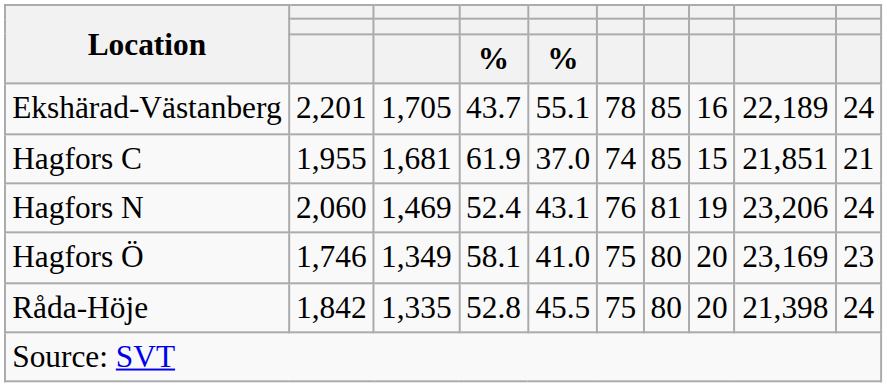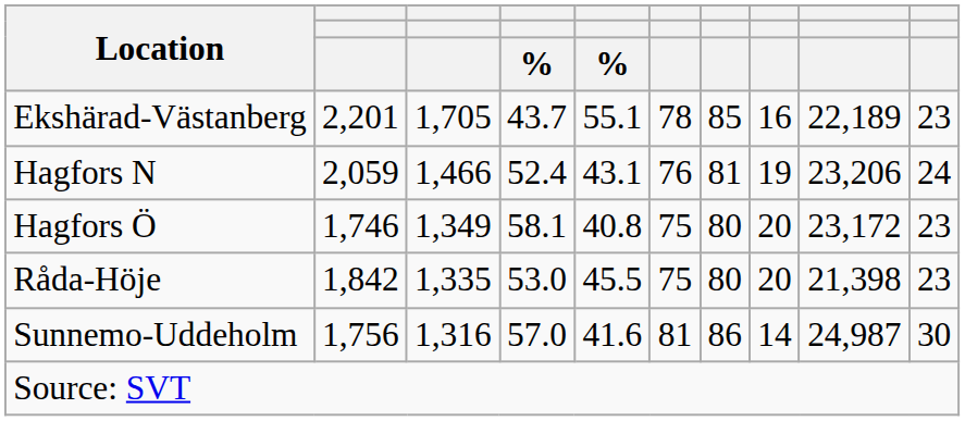 <table role="presentation" class="wikitable sortable mw-collapsible">
 <tr>
 <th rowspan="3">Location</th>
 <th></th>
 <th></th>
 <th></th>
 <th></th>
 <th></th>
 <th></th>
 <th></th>
 <th></th>
 <th></th>
 </tr>
 <tr>
 <th></th>
 <th></th>
 <th style="background:"></th>
 <th style="background:"></th>
 <th></th>
 <th></th>
 <th></th>
 <th></th>
 <th></th>
 </tr>
 <tr>
 <th data-sort-type="number"></th>
 <th data-sort-type="number"></th>
 <th data-sort-type="number">%</th>
 <th data-sort-type="number">%</th>
 <th data-sort-type="number"></th>
 <th data-sort-type="number"></th>
 <th data-sort-type="number"></th>
 <th data-sort-type="number"></th>
 <th data-sort-type="number"></th>
 </tr>
 <tr>
 <td align="left">Ekshärad-Västanberg</td>
 <td>2,201</td>
 <td>1,705</td>
 <td>43.7</td>
 <td>55.1</td>
 <td>78</td>
 <td>85</td>
 <td>16</td>
 <td>22,189</td>
-<td>24</td>
-</tr>
-<tr>
-<td align="left">Hagfors C</td>
-<td>1,955</td>
-<td>1,681</td>
-<td>61.9</td>
-<td>37.0</td>
-<td>74</td>
-<td>85</td>
-<td>15</td>
-<td>21,851</td>
-<td>21</td>
+<td>23</td>
 </tr>
 <tr>
 <td align="left">Hagfors N</td>
-<td>2,060</td>
-<td>1,469</td>
+<td>2,059</td>
+<td>1,466</td>
 <td>52.4</td>
 <td>43.1</td>
 <td>76</td>
 <td>81</td>
 <td>19</td>
 <td>23,206</td>
 <td>24</td>
 </tr>
 <tr>
 <td align="left">Hagfors Ö</td>
 <td>1,746</td>
 <td>1,349</td>
 <td>58.1</td>
-<td>41.0</td>
+<td>40.8</td>
 <td>75</td>
 <td>80</td>
 <td>20</td>
-<td>23,169</td>
+<td>23,172</td>
 <td>23</td>
 </tr>
 <tr>
 <td align="left">Råda-Höje</td>
 <td>1,842</td>
 <td>1,335</td>
-<td>52.8</td>
+<td>53.0</td>
 <td>45.5</td>
 <td>75</td>
 <td>80</td>
 <td>20</td>
 <td>21,398</td>
-<td>24</td>
+<td>23</td>
+</tr>
+<tr>
+<td align="left">Sunnemo-Uddeholm</td>
+<td>1,756</td>
+<td>1,316</td>
+<td>57.0</td>
+<td>41.6</td>
+<td>81</td>
+<td>86</td>
+<td>14</td>
+<td>24,987</td>
+<td>30</td>
 </tr>
 <tr>
 <td colspan="10" align="left">Source: <a href='#'>SVT</a></td>
 </tr>
 </table>
